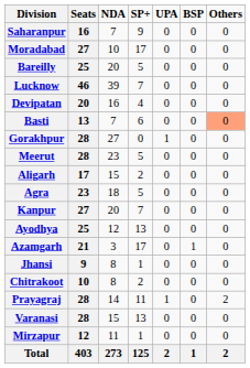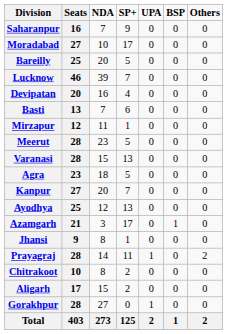 <table class="wikitable sortable" style="text-align:center">
 <tr>
 <th>Division</th>
 <th>Seats</th>
 <td style="text-align:center; background:"><span><strong>NDA</strong></span></td>
 <td style="text-align:center; background:"><strong>SP+</strong></td>
 <td style="text-align:center; background:"><span><strong>UPA</strong></span></td>
 <td style="text-align:center; background:"><strong>BSP</strong></td>
 <td style="text-align:center; background:"><span><strong>Others</strong></span></td>
 </tr>
 <tr>
 <th><a href='#'>Saharanpur</a></th>
 <th>16</th>
 <td>7</td>
 <td style="background:">9</td>
 <td>0</td>
 <td>0</td>
 <td>0</td>
 </tr>
 <tr>
 <th><a href='#'>Moradabad</a></th>
 <th>27</th>
 <td>10</td>
 <td style="background:">17</td>
 <td>0</td>
 <td>0</td>
 <td>0</td>
 </tr>
 <tr>
 <th><a href='#'>Bareilly</a></th>
 <th>25</th>
 <td style="background:">20</td>
 <td>5</td>
 <td>0</td>
 <td>0</td>
 <td>0</td>
 </tr>
 <tr>
 <th><a href='#'>Lucknow</a></th>
 <th>46</th>
 <td style="background:">39</td>
 <td>7</td>
 <td>0</td>
 <td>0</td>
 <td>0</td>
 </tr>
 <tr>
 <th><a href='#'>Devipatan</a></th>
 <th>20</th>
 <td style="background:">16</td>
 <td>4</td>
 <td>0</td>
 <td>0</td>
 <td>0</td>
 </tr>
 <tr>
 <th><a href='#'>Basti</a></th>
 <th>13</th>
 <td style="background:">7</td>
 <td>6</td>
 <td>0</td>
 <td>0</td>
-<td style="background: lightsalmon;">0</td>
+<td>0</td>
 </tr>
 <tr>
-<th><a href='#'>Gorakhpur</a></th>
-<th>28</th>
-<td style="background:">27</td>
+<th><a href='#'>Mirzapur</a></th>
+<th>12</th>
+<td style="background:">11</td>
+<td>1</td>
 <td>0</td>
-<td>1</td>
 <td>0</td>
 <td>0</td>
 </tr>
 <tr>
 <th><a href='#'>Meerut</a></th>
 <th>28</th>
 <td style="background:">23</td>
 <td>5</td>
 <td>0</td>
 <td>0</td>
 <td>0</td>
 </tr>
 <tr>
-<th><a href='#'>Aligarh</a></th>
-<th>17</th>
+<th><a href='#'>Varanasi</a></th>
+<th>28</th>
 <td style="background:">15</td>
-<td>2</td>
+<td>13</td>
 <td>0</td>
 <td>0</td>
 <td>0</td>
 </tr>
 <tr>
 <th><a href='#'>Agra</a></th>
 <th>23</th>
 <td style="background:">18</td>
 <td>5</td>
 <td>0</td>
 <td>0</td>
 <td>0</td>
 </tr>
 <tr>
 <th><a href='#'>Kanpur</a></th>
 <th>27</th>
 <td style="background:">20</td>
 <td>7</td>
 <td>0</td>
 <td>0</td>
 <td>0</td>
 </tr>
 <tr>
 <th><a href='#'>Ayodhya</a></th>
 <th>25</th>
 <td>12</td>
 <td style="background:">13</td>
 <td>0</td>
 <td>0</td>
 <td>0</td>
 </tr>
 <tr>
 <th><a href='#'>Azamgarh</a></th>
 <th>21</th>
 <td>3</td>
 <td style="background:">17</td>
 <td>0</td>
 <td>1</td>
 <td>0</td>
 </tr>
 <tr>
 <th><a href='#'>Jhansi</a></th>
 <th>9</th>
 <td style="background:">8</td>
 <td>1</td>
 <td>0</td>
 <td>0</td>
 <td>0</td>
 </tr>
 <tr>
+<th><a href='#'>Prayagraj</a></th>
+<th>28</th>
+<td style="background:">14</td>
+<td>11</td>
+<td>1</td>
+<td>0</td>
+<td>2</td>
+</tr>
+<tr>
 <th><a href='#'>Chitrakoot</a></th>
 <th>10</th>
 <td style="background:">8</td>
 <td>2</td>
 <td>0</td>
 <td>0</td>
 <td>0</td>
 </tr>
 <tr>
-<th><a href='#'>Prayagraj</a></th>
-<th>28</th>
-<td style="background:">14</td>
-<td>11</td>
-<td>1</td>
-<td>0</td>
+<th><a href='#'>Aligarh</a></th>
+<th>17</th>
+<td style="background:">15</td>
 <td>2</td>
-</tr>
-<tr>
-<th><a href='#'>Varanasi</a></th>
-<th>28</th>
-<td style="background:">15</td>
-<td>13</td>
 <td>0</td>
 <td>0</td>
 <td>0</td>
 </tr>
 <tr>
-<th><a href='#'>Mirzapur</a></th>
-<th>12</th>
-<td style="background:">11</td>
+<th><a href='#'>Gorakhpur</a></th>
+<th>28</th>
+<td style="background:">27</td>
+<td>0</td>
 <td>1</td>
-<td>0</td>
 <td>0</td>
 <td>0</td>
 </tr>
 <tr>
 <th>Total</th>
 <th>403</th>
 <th>273</th>
 <th>125</th>
 <th>2</th>
 <th>1</th>
 <th>2</th>
 </tr>
 </table>
